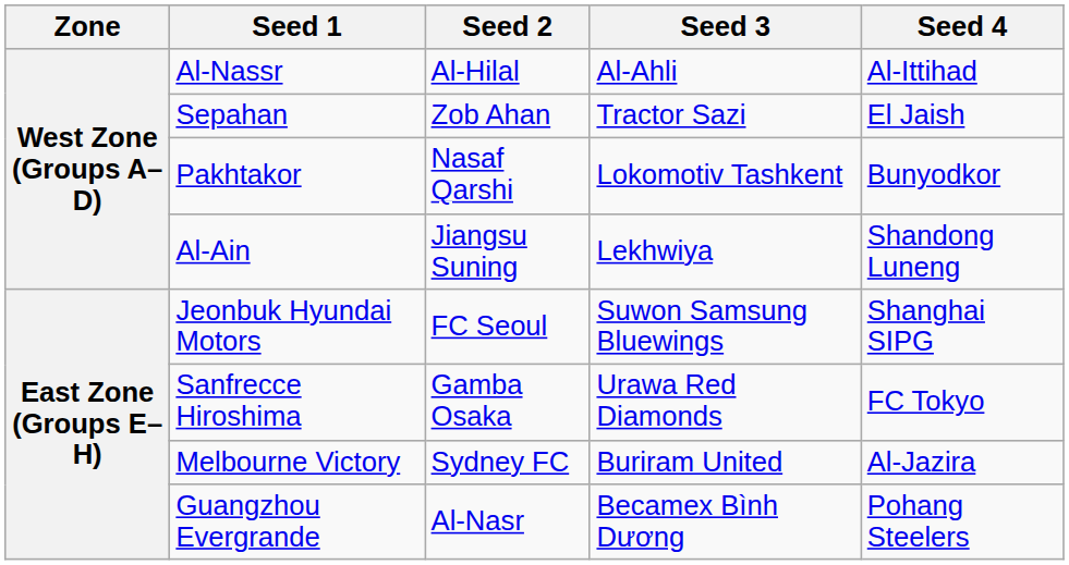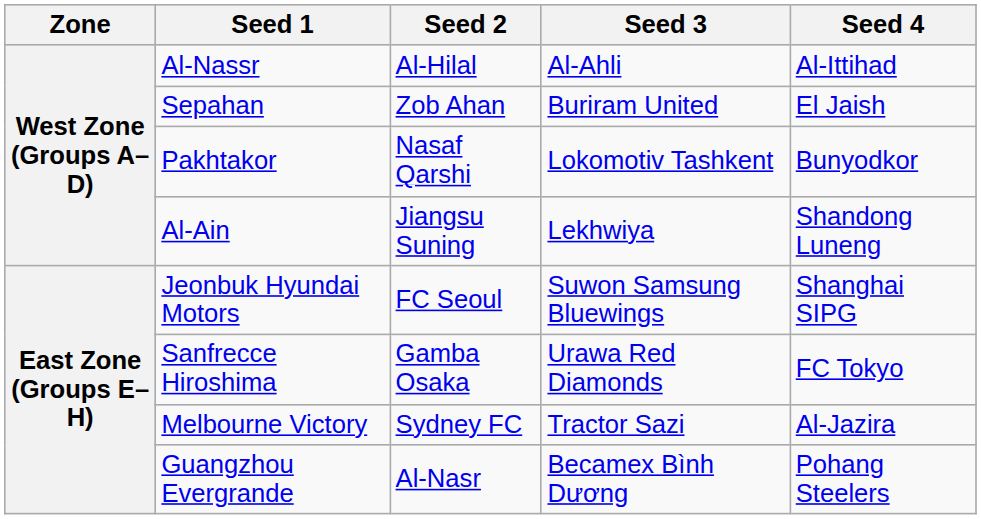 <table class="wikitable">
 <tr>
 <th>Zone</th>
 <th>Seed 1</th>
 <th>Seed 2</th>
 <th>Seed 3</th>
 <th>Seed 4</th>
 </tr>
 <tr>
 <th rowspan=4>West Zone<br>(Groups A–D)</th>
 <td> <a href='#'>Al-Nassr</a></td>
 <td> <a href='#'>Al-Hilal</a></td>
 <td> <a href='#'>Al-Ahli</a></td>
 <td> <a href='#'>Al-Ittihad</a> </td>
 </tr>
 <tr>
 <td> <a href='#'>Sepahan</a></td>
 <td> <a href='#'>Zob Ahan</a></td>
-<td> <a href='#'>Tractor Sazi</a></td>
+<td> <a href='#'>Buriram United</a></td>
 <td> <a href='#'>El Jaish</a> </td>
 </tr>
 <tr>
 <td> <a href='#'>Pakhtakor</a></td>
 <td> <a href='#'>Nasaf Qarshi</a></td>
 <td> <a href='#'>Lokomotiv Tashkent</a></td>
 <td> <a href='#'>Bunyodkor</a> </td>
 </tr>
 <tr>
 <td> <a href='#'>Al-Ain</a></td>
 <td> <a href='#'>Jiangsu Suning</a></td>
 <td> <a href='#'>Lekhwiya</a></td>
 <td> <a href='#'>Shandong Luneng</a> </td>
 </tr>
 <tr>
 <th rowspan=4>East Zone<br>(Groups E–H)</th>
 <td> <a href='#'>Jeonbuk Hyundai Motors</a></td>
 <td> <a href='#'>FC Seoul</a></td>
 <td> <a href='#'>Suwon Samsung Bluewings</a></td>
 <td> <a href='#'>Shanghai SIPG</a> </td>
 </tr>
 <tr>
 <td> <a href='#'>Sanfrecce Hiroshima</a></td>
 <td> <a href='#'>Gamba Osaka</a></td>
 <td> <a href='#'>Urawa Red Diamonds</a></td>
 <td> <a href='#'>FC Tokyo</a> </td>
 </tr>
 <tr>
 <td> <a href='#'>Melbourne Victory</a></td>
 <td> <a href='#'>Sydney FC</a></td>
-<td> <a href='#'>Buriram United</a></td>
+<td> <a href='#'>Tractor Sazi</a></td>
 <td> <a href='#'>Al-Jazira</a> </td>
 </tr>
 <tr>
 <td> <a href='#'>Guangzhou Evergrande</a></td>
 <td> <a href='#'>Al-Nasr</a></td>
 <td> <a href='#'>Becamex Bình Dương</a></td>
 <td> <a href='#'>Pohang Steelers</a> </td>
 </tr>
 </table>
